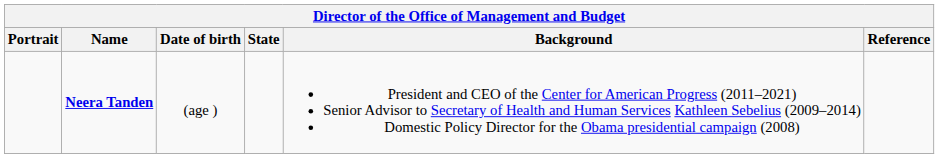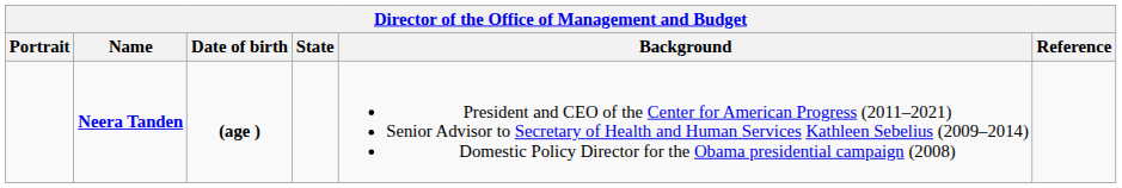 <table class="wikitable collapsible" style="text-align:center;">
 <tr>
 <th colspan="6"><a href='#'>Director of the Office of Management and Budget</a></th>
 </tr>
 <tr>
 <th>Portrait</th>
 <th>Name</th>
 <th>Date of birth</th>
 <th>State</th>
 <th>Background</th>
 <th>Reference</th>
 </tr>
 <tr>
 <td></td>
 <td><strong><a href='#'>Neera Tanden</a></strong></td>
-<td><br>(age )</td>
+<td><strong><br>(age )</strong></td>
 <td></td>
 <td><br><ul><li>President and CEO of the <a href='#'>Center for American Progress</a> (2011–2021)</li><li>Senior Advisor to <a href='#'>Secretary of Health and Human Services</a> <a href='#'>Kathleen Sebelius</a> (2009–2014)</li><li>Domestic Policy Director for the <a href='#'>Obama presidential campaign</a> (2008)</li></ul></td>
 <td></td>
 </tr>
 </table>
